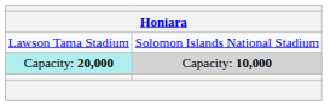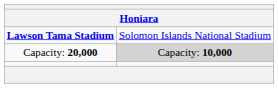 <table class="wikitable" style="text-align:center">
 <tr>
 <th colspan=2></th>
 </tr>
 <tr>
 <th colspan=2><a href='#'>Honiara</a></th>
 </tr>
 <tr>
-<td><a href='#'>Lawson Tama Stadium</a></td>
+<td><strong><a href='#'>Lawson Tama Stadium</a></strong></td>
 <td><a href='#'>Solomon Islands National Stadium</a></td>
 </tr>
 <tr>
-<td style="background: paleturquoise;">Capacity: <strong>20,000</strong></td>
+<td>Capacity: <strong>20,000</strong></td>
 <td style="background: lightgrey;">Capacity: <strong>10,000</strong></td>
 </tr>
 <tr>
 <td></td>
 <td></td>
 </tr>
 <tr>
 <th rowspan="4" colspan=2 align=center><br></th>
 </tr>
 </table>
